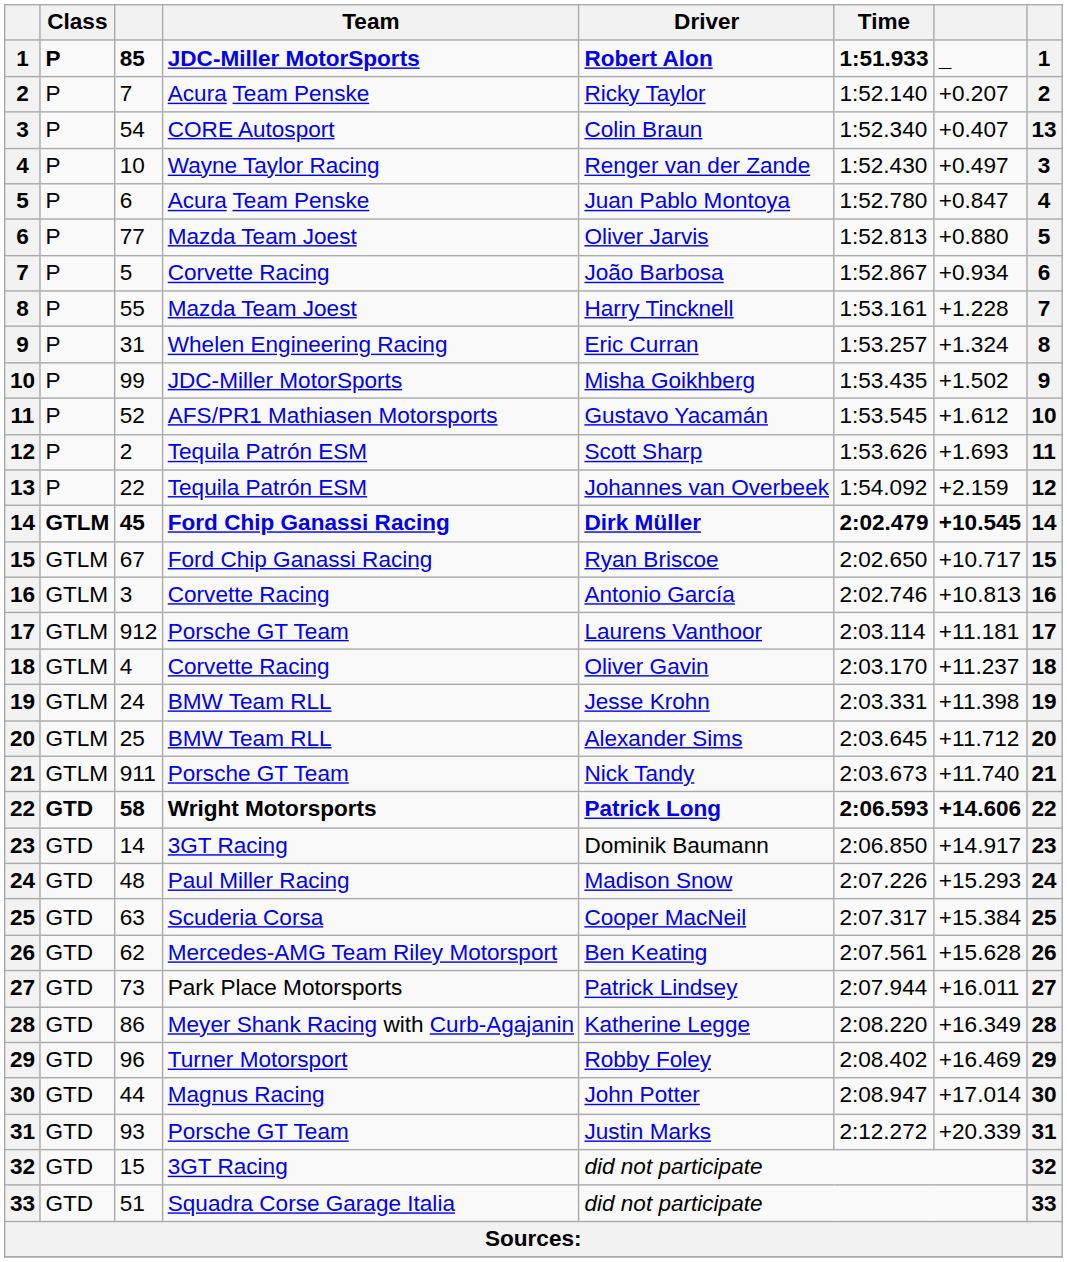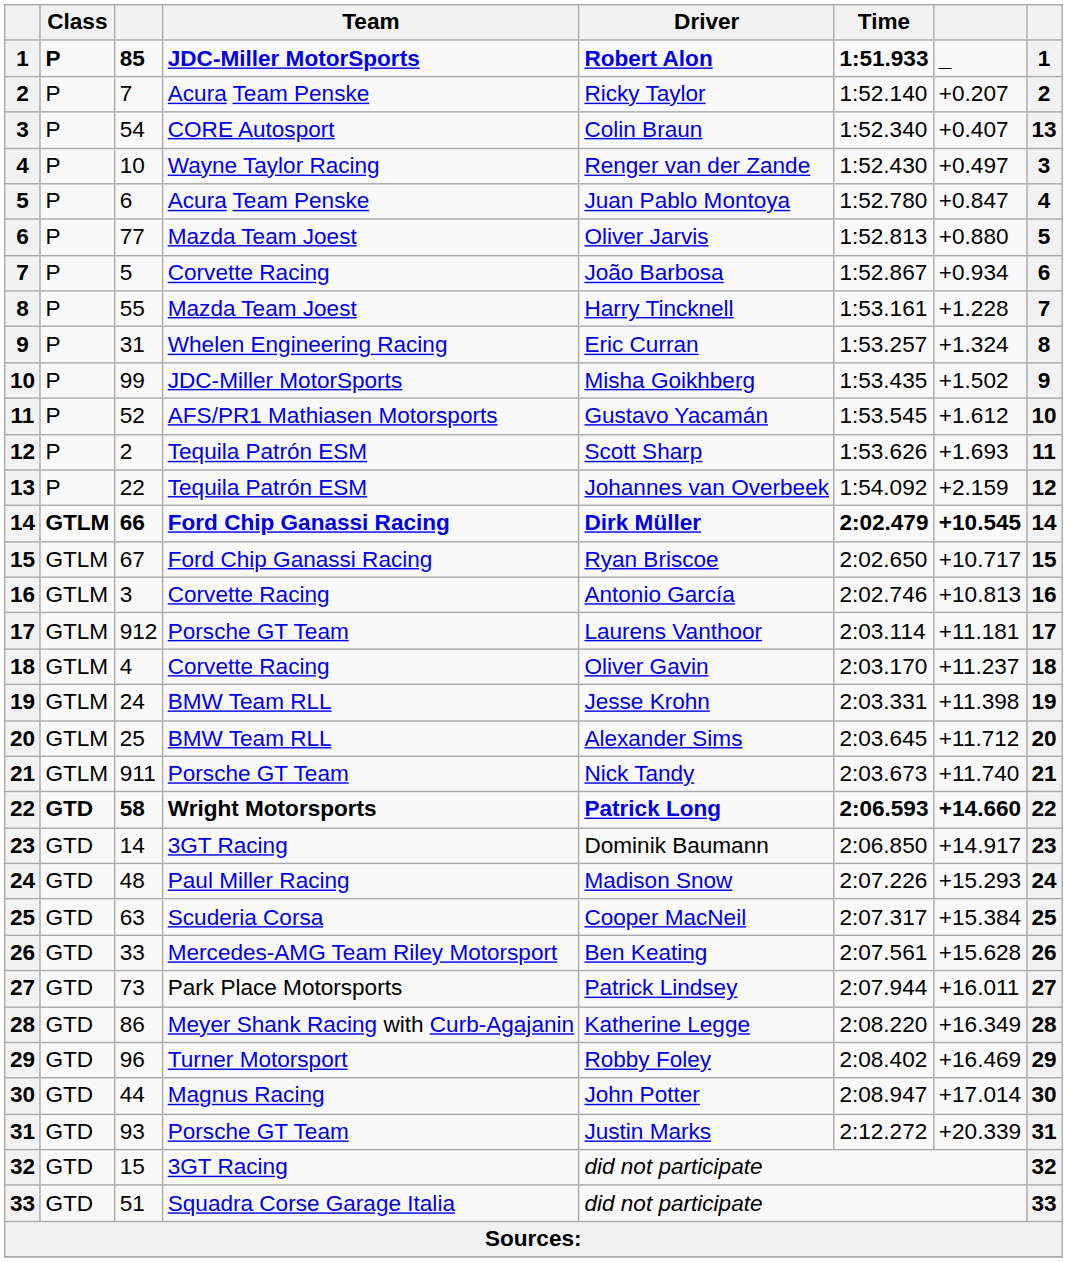 <table class="wikitable">
 <tr>
 <th scope="col"></th>
 <th scope="col">Class</th>
 <th scope="col"></th>
 <th scope="col">Team</th>
 <th scope="col">Driver</th>
 <th scope="col">Time</th>
 <th scope="col"></th>
 <th scope="col"></th>
 </tr>
 <tr style="font-weight:bold">
 <th>1</th>
 <td>P</td>
 <td>85</td>
 <td> <a href='#'>JDC-Miller MotorSports</a></td>
 <td> <a href='#'>Robert Alon</a></td>
 <td>1:51.933</td>
 <td><strong>_</strong></td>
 <th>1</th>
 </tr>
 <tr>
 <th>2</th>
 <td>P</td>
 <td>7</td>
 <td> <a href='#'>Acura</a> <a href='#'>Team Penske</a></td>
 <td> <a href='#'>Ricky Taylor</a></td>
 <td>1:52.140</td>
 <td>+0.207</td>
 <th>2</th>
 </tr>
 <tr>
 <th>3</th>
 <td>P</td>
 <td>54</td>
 <td> <a href='#'>CORE Autosport</a></td>
 <td> <a href='#'>Colin Braun</a></td>
 <td>1:52.340</td>
 <td>+0.407</td>
 <th>13</th>
 </tr>
 <tr>
 <th>4</th>
 <td>P</td>
 <td>10</td>
 <td> <a href='#'>Wayne Taylor Racing</a></td>
 <td> <a href='#'>Renger van der Zande</a></td>
 <td>1:52.430</td>
 <td>+0.497</td>
 <th>3</th>
 </tr>
 <tr>
 <th>5</th>
 <td>P</td>
 <td>6</td>
 <td> <a href='#'>Acura</a> <a href='#'>Team Penske</a></td>
 <td> <a href='#'>Juan Pablo Montoya</a></td>
 <td>1:52.780</td>
 <td>+0.847</td>
 <th>4</th>
 </tr>
 <tr>
 <th>6</th>
 <td>P</td>
 <td>77</td>
 <td> <a href='#'>Mazda Team Joest</a></td>
 <td> <a href='#'>Oliver Jarvis</a></td>
 <td>1:52.813</td>
 <td>+0.880</td>
 <th>5</th>
 </tr>
 <tr>
 <th>7</th>
 <td>P</td>
 <td>5</td>
 <td> <a href='#'>Corvette Racing</a></td>
 <td> <a href='#'>João Barbosa</a></td>
 <td>1:52.867</td>
 <td>+0.934</td>
 <th>6</th>
 </tr>
 <tr>
 <th>8</th>
 <td>P</td>
 <td>55</td>
 <td> <a href='#'>Mazda Team Joest</a></td>
 <td> <a href='#'>Harry Tincknell</a></td>
 <td>1:53.161</td>
 <td>+1.228</td>
 <th>7</th>
 </tr>
 <tr>
 <th>9</th>
 <td>P</td>
 <td>31</td>
 <td> <a href='#'>Whelen Engineering Racing</a></td>
 <td> <a href='#'>Eric Curran</a></td>
 <td>1:53.257</td>
 <td>+1.324</td>
 <th>8</th>
 </tr>
 <tr>
 <th>10</th>
 <td>P</td>
 <td>99</td>
 <td> <a href='#'>JDC-Miller MotorSports</a></td>
 <td> <a href='#'>Misha Goikhberg</a></td>
 <td>1:53.435</td>
 <td>+1.502</td>
 <th>9</th>
 </tr>
 <tr>
 <th>11</th>
 <td>P</td>
 <td>52</td>
 <td> <a href='#'>AFS/PR1 Mathiasen Motorsports</a></td>
 <td> <a href='#'>Gustavo Yacamán</a></td>
 <td>1:53.545</td>
 <td>+1.612</td>
 <th>10</th>
 </tr>
 <tr>
 <th>12</th>
 <td>P</td>
 <td>2</td>
 <td> <a href='#'>Tequila Patrón ESM</a></td>
 <td> <a href='#'>Scott Sharp</a></td>
 <td>1:53.626</td>
 <td>+1.693</td>
 <th>11</th>
 </tr>
 <tr>
 <th>13</th>
 <td>P</td>
 <td>22</td>
 <td> <a href='#'>Tequila Patrón ESM</a></td>
 <td> <a href='#'>Johannes van Overbeek</a></td>
 <td>1:54.092</td>
 <td>+2.159</td>
 <th>12</th>
 </tr>
 <tr style="font-weight:bold">
 <th>14</th>
 <td>GTLM</td>
-<td>45</td>
+<td>66</td>
 <td> <a href='#'>Ford Chip Ganassi Racing</a></td>
 <td> <a href='#'>Dirk Müller</a></td>
 <td>2:02.479</td>
 <td>+10.545</td>
 <th>14</th>
 </tr>
 <tr>
 <th>15</th>
 <td>GTLM</td>
 <td>67</td>
 <td> <a href='#'>Ford Chip Ganassi Racing</a></td>
 <td> <a href='#'>Ryan Briscoe</a></td>
 <td>2:02.650</td>
 <td>+10.717</td>
 <th>15</th>
 </tr>
 <tr>
 <th>16</th>
 <td>GTLM</td>
 <td>3</td>
 <td> <a href='#'>Corvette Racing</a></td>
 <td> <a href='#'>Antonio García</a></td>
 <td>2:02.746</td>
 <td>+10.813</td>
 <th>16</th>
 </tr>
 <tr>
 <th>17</th>
 <td>GTLM</td>
 <td>912</td>
 <td> <a href='#'>Porsche GT Team</a></td>
 <td> <a href='#'>Laurens Vanthoor</a></td>
 <td>2:03.114</td>
 <td>+11.181</td>
 <th>17</th>
 </tr>
 <tr>
 <th>18</th>
 <td>GTLM</td>
 <td>4</td>
 <td> <a href='#'>Corvette Racing</a></td>
 <td> <a href='#'>Oliver Gavin</a></td>
 <td>2:03.170</td>
 <td>+11.237</td>
 <th>18</th>
 </tr>
 <tr>
 <th>19</th>
 <td>GTLM</td>
 <td>24</td>
 <td> <a href='#'>BMW Team RLL</a></td>
 <td> <a href='#'>Jesse Krohn</a></td>
 <td>2:03.331</td>
 <td>+11.398</td>
 <th>19</th>
 </tr>
 <tr>
 <th>20</th>
 <td>GTLM</td>
 <td>25</td>
 <td> <a href='#'>BMW Team RLL</a></td>
 <td> <a href='#'>Alexander Sims</a></td>
 <td>2:03.645</td>
 <td>+11.712</td>
 <th>20</th>
 </tr>
 <tr>
 <th>21</th>
 <td>GTLM</td>
 <td>911</td>
 <td> <a href='#'>Porsche GT Team</a></td>
 <td> <a href='#'>Nick Tandy</a></td>
 <td>2:03.673</td>
 <td>+11.740</td>
 <th>21</th>
 </tr>
 <tr style="font-weight:bold">
 <th>22</th>
 <td>GTD</td>
 <td>58</td>
 <td> Wright Motorsports</td>
 <td> <a href='#'>Patrick Long</a></td>
 <td>2:06.593</td>
-<td>+14.606</td>
+<td>+14.660</td>
 <th>22</th>
 </tr>
 <tr>
 <th>23</th>
 <td>GTD</td>
 <td>14</td>
 <td> <a href='#'>3GT Racing</a></td>
 <td> Dominik Baumann</td>
 <td>2:06.850</td>
 <td>+14.917</td>
 <th>23</th>
 </tr>
 <tr>
 <th>24</th>
 <td>GTD</td>
 <td>48</td>
 <td> <a href='#'>Paul Miller Racing</a></td>
 <td> <a href='#'>Madison Snow</a></td>
 <td>2:07.226</td>
 <td>+15.293</td>
 <th>24</th>
 </tr>
 <tr>
 <th>25</th>
 <td>GTD</td>
 <td>63</td>
 <td> <a href='#'>Scuderia Corsa</a></td>
 <td> <a href='#'>Cooper MacNeil</a></td>
 <td>2:07.317</td>
 <td>+15.384</td>
 <th>25</th>
 </tr>
 <tr>
 <th>26</th>
 <td>GTD</td>
-<td>62</td>
+<td>33</td>
 <td> <a href='#'>Mercedes-AMG Team Riley Motorsport</a></td>
 <td> <a href='#'>Ben Keating</a></td>
 <td>2:07.561</td>
 <td>+15.628</td>
 <th>26</th>
 </tr>
 <tr>
 <th>27</th>
 <td>GTD</td>
 <td>73</td>
 <td> Park Place Motorsports</td>
 <td> <a href='#'>Patrick Lindsey</a></td>
 <td>2:07.944</td>
 <td>+16.011</td>
 <th>27</th>
 </tr>
 <tr>
 <th>28</th>
 <td>GTD</td>
 <td>86</td>
 <td> <a href='#'>Meyer Shank Racing</a> with <a href='#'>Curb-Agajanin</a></td>
 <td> <a href='#'>Katherine Legge</a></td>
 <td>2:08.220</td>
 <td>+16.349</td>
 <th>28</th>
 </tr>
 <tr>
 <th>29</th>
 <td>GTD</td>
 <td>96</td>
 <td> <a href='#'>Turner Motorsport</a></td>
 <td> <a href='#'>Robby Foley</a></td>
 <td>2:08.402</td>
 <td>+16.469</td>
 <th>29</th>
 </tr>
 <tr>
 <th>30</th>
 <td>GTD</td>
 <td>44</td>
 <td> <a href='#'>Magnus Racing</a></td>
 <td> <a href='#'>John Potter</a></td>
 <td>2:08.947</td>
 <td>+17.014</td>
 <th>30</th>
 </tr>
 <tr>
 <th>31</th>
 <td>GTD</td>
 <td>93</td>
 <td> <a href='#'>Porsche GT Team</a></td>
 <td> <a href='#'>Justin Marks</a></td>
 <td>2:12.272</td>
 <td>+20.339</td>
 <th>31</th>
 </tr>
 <tr>
 <th>32</th>
 <td>GTD</td>
 <td>15</td>
 <td> <a href='#'>3GT Racing</a></td>
 <td colspan="3"><em>did not participate</em></td>
 <th>32</th>
 </tr>
 <tr>
 <th>33</th>
 <td>GTD</td>
 <td>51</td>
 <td> <a href='#'>Squadra Corse Garage Italia</a></td>
 <td colspan="3"><em>did not participate</em></td>
 <th>33</th>
 </tr>
 <tr>
 <th colspan="8">Sources:</th>
 </tr>
 <tr>
 </tr>
 </table>
